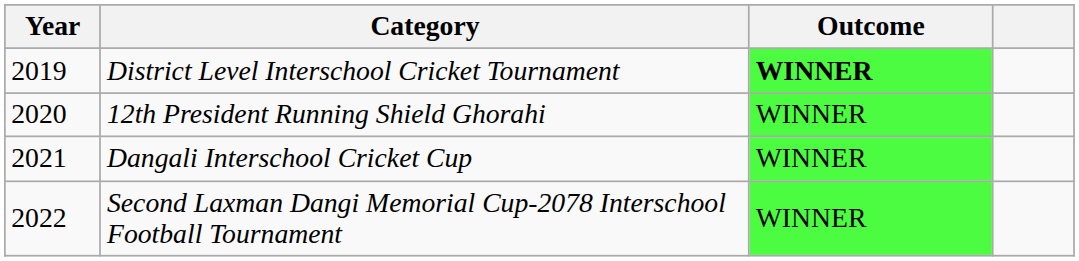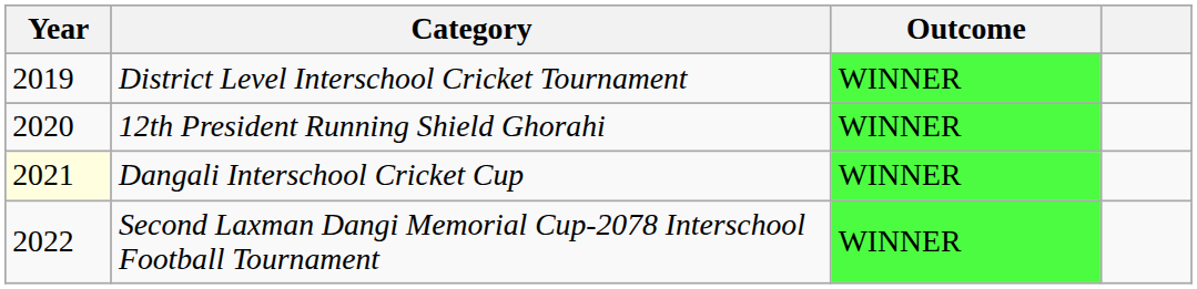 <table class="wikitable" style="width:70%;" style="text-align:center;">
 <tr>
 <th width=5%>Year</th>
 <th style="width:40%;">Category</th>
 <th style="width:15%;">Outcome</th>
 <th scope="col" style="width:5%;"></th>
 </tr>
 <tr>
 <td style="text-align:left;">2019</td>
 <td><em>District Level Interschool Cricket Tournament</em></td>
-<td style="background:#4CFC40;"><strong>WINNER</strong></td>
+<td style="background:#4CFC40;">WINNER</td>
 <td></td>
 </tr>
 <tr>
 <td style="text-align:left;">2020</td>
 <td><em>12th President Running Shield Ghorahi</em></td>
 <td style="background:#4CFC40;">WINNER</td>
 <td></td>
 </tr>
 <tr>
-<td style="text-align:left;">2021</td>
+<td style="background: lightyellow; text-align:left;">2021</td>
 <td><em>Dangali Interschool Cricket Cup</em></td>
 <td style="background:#4CFC40;">WINNER</td>
 <td></td>
 </tr>
 <tr>
 <td style="text-align:left;">2022</td>
 <td><em>Second Laxman Dangi Memorial Cup-2078 Interschool Football Tournament</em></td>
 <td style="background:#4CFC40;">WINNER</td>
 </tr>
 </table>
